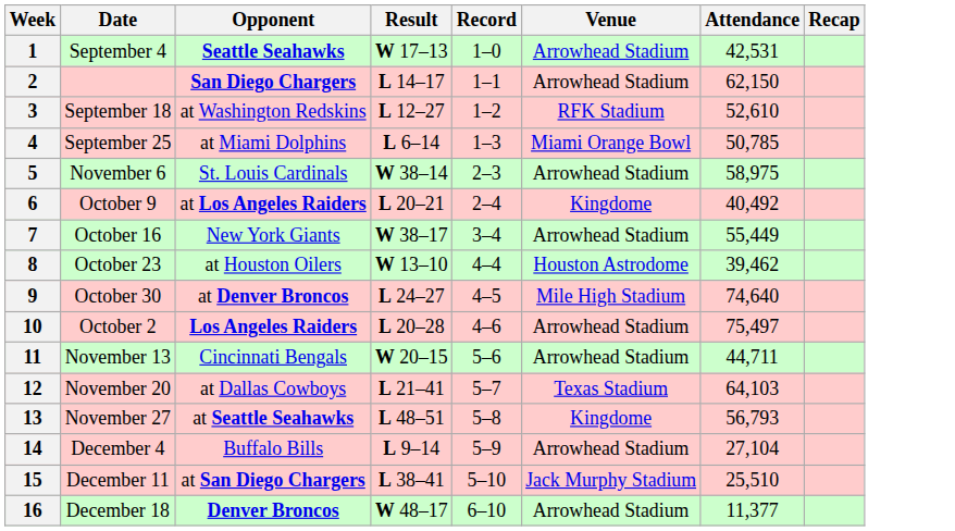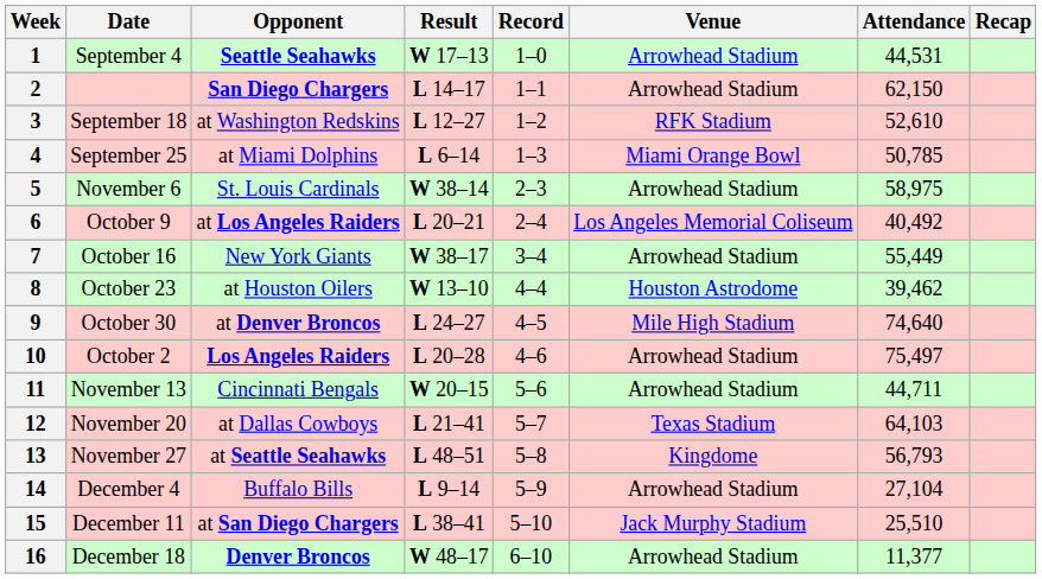 <table class="wikitable" style="text-align:center">
 <tr>
 <th>Week</th>
 <th>Date</th>
 <th>Opponent</th>
 <th>Result</th>
 <th>Record</th>
 <th>Venue</th>
 <th>Attendance</th>
 <th>Recap</th>
 </tr>
 <tr style="background:#cfc">
 <th>1</th>
 <td>September 4</td>
 <td><strong><a href='#'>Seattle Seahawks</a></strong></td>
 <td><strong>W</strong> 17–13</td>
 <td>1–0</td>
 <td><a href='#'>Arrowhead Stadium</a></td>
-<td>42,531</td>
+<td>44,531</td>
 <td></td>
 </tr>
 <tr style="background:#fcc">
 <th>2</th>
 <td></td>
 <td><strong><a href='#'>San Diego Chargers</a></strong></td>
 <td><strong>L</strong> 14–17</td>
 <td>1–1</td>
 <td>Arrowhead Stadium</td>
 <td>62,150</td>
 <td></td>
 </tr>
 <tr style="background:#fcc">
 <th>3</th>
 <td>September 18</td>
 <td>at <a href='#'>Washington Redskins</a></td>
 <td><strong>L</strong> 12–27</td>
 <td>1–2</td>
 <td><a href='#'>RFK Stadium</a></td>
 <td>52,610</td>
 <td></td>
 </tr>
 <tr style="background:#fcc">
 <th>4</th>
 <td>September 25</td>
 <td>at <a href='#'>Miami Dolphins</a></td>
 <td><strong>L</strong> 6–14</td>
 <td>1–3</td>
 <td><a href='#'>Miami Orange Bowl</a></td>
 <td>50,785</td>
 <td></td>
 </tr>
 <tr style="background:#cfc">
 <th>5</th>
 <td>November 6</td>
 <td><a href='#'>St. Louis Cardinals</a></td>
 <td><strong>W</strong> 38–14</td>
 <td>2–3</td>
 <td>Arrowhead Stadium</td>
 <td>58,975</td>
 <td></td>
 </tr>
 <tr style="background:#fcc">
 <th>6</th>
 <td>October 9</td>
 <td>at <strong><a href='#'>Los Angeles Raiders</a></strong></td>
 <td><strong>L</strong> 20–21</td>
 <td>2–4</td>
-<td><a href='#'>Kingdome</a></td>
+<td><a href='#'>Los Angeles Memorial Coliseum</a></td>
 <td>40,492</td>
 <td></td>
 </tr>
 <tr style="background:#cfc">
 <th>7</th>
 <td>October 16</td>
 <td><a href='#'>New York Giants</a></td>
 <td><strong>W</strong> 38–17</td>
 <td>3–4</td>
 <td>Arrowhead Stadium</td>
 <td>55,449</td>
 <td></td>
 </tr>
 <tr style="background:#cfc">
 <th>8</th>
 <td>October 23</td>
 <td>at <a href='#'>Houston Oilers</a></td>
 <td><strong>W</strong> 13–10 </td>
 <td>4–4</td>
 <td><a href='#'>Houston Astrodome</a></td>
 <td>39,462</td>
 <td></td>
 </tr>
 <tr style="background:#fcc">
 <th>9</th>
 <td>October 30</td>
 <td>at <strong><a href='#'>Denver Broncos</a></strong></td>
 <td><strong>L</strong> 24–27</td>
 <td>4–5</td>
 <td><a href='#'>Mile High Stadium</a></td>
 <td>74,640</td>
 <td></td>
 </tr>
 <tr style="background:#fcc">
 <th>10</th>
 <td>October 2</td>
 <td><strong><a href='#'>Los Angeles Raiders</a></strong></td>
 <td><strong>L</strong> 20–28</td>
 <td>4–6</td>
 <td>Arrowhead Stadium</td>
 <td>75,497</td>
 <td></td>
 </tr>
 <tr style="background:#cfc">
 <th>11</th>
 <td>November 13</td>
 <td><a href='#'>Cincinnati Bengals</a></td>
 <td><strong>W</strong> 20–15</td>
 <td>5–6</td>
 <td>Arrowhead Stadium</td>
 <td>44,711</td>
 <td></td>
 </tr>
 <tr style="background:#fcc">
 <th>12</th>
 <td>November 20</td>
 <td>at <a href='#'>Dallas Cowboys</a></td>
 <td><strong>L</strong> 21–41</td>
 <td>5–7</td>
 <td><a href='#'>Texas Stadium</a></td>
 <td>64,103</td>
 <td></td>
 </tr>
 <tr style="background:#fcc">
 <th>13</th>
 <td>November 27</td>
 <td>at <strong><a href='#'>Seattle Seahawks</a></strong></td>
 <td><strong>L</strong> 48–51 </td>
 <td>5–8</td>
 <td><a href='#'>Kingdome</a></td>
 <td>56,793</td>
 <td></td>
 </tr>
 <tr style="background:#fcc">
 <th>14</th>
 <td>December 4</td>
 <td><a href='#'>Buffalo Bills</a></td>
 <td><strong>L</strong> 9–14</td>
 <td>5–9</td>
 <td>Arrowhead Stadium</td>
 <td>27,104</td>
 <td></td>
 </tr>
 <tr style="background:#fcc">
 <th>15</th>
 <td>December 11</td>
 <td>at <strong><a href='#'>San Diego Chargers</a></strong></td>
 <td><strong>L</strong> 38–41</td>
 <td>5–10</td>
 <td><a href='#'>Jack Murphy Stadium</a></td>
 <td>25,510</td>
 <td></td>
 </tr>
 <tr style="background:#cfc">
 <th>16</th>
 <td>December 18</td>
 <td><strong><a href='#'>Denver Broncos</a></strong></td>
 <td><strong>W</strong> 48–17</td>
 <td>6–10</td>
 <td>Arrowhead Stadium</td>
 <td>11,377</td>
 <td></td>
 </tr>
 </table>
